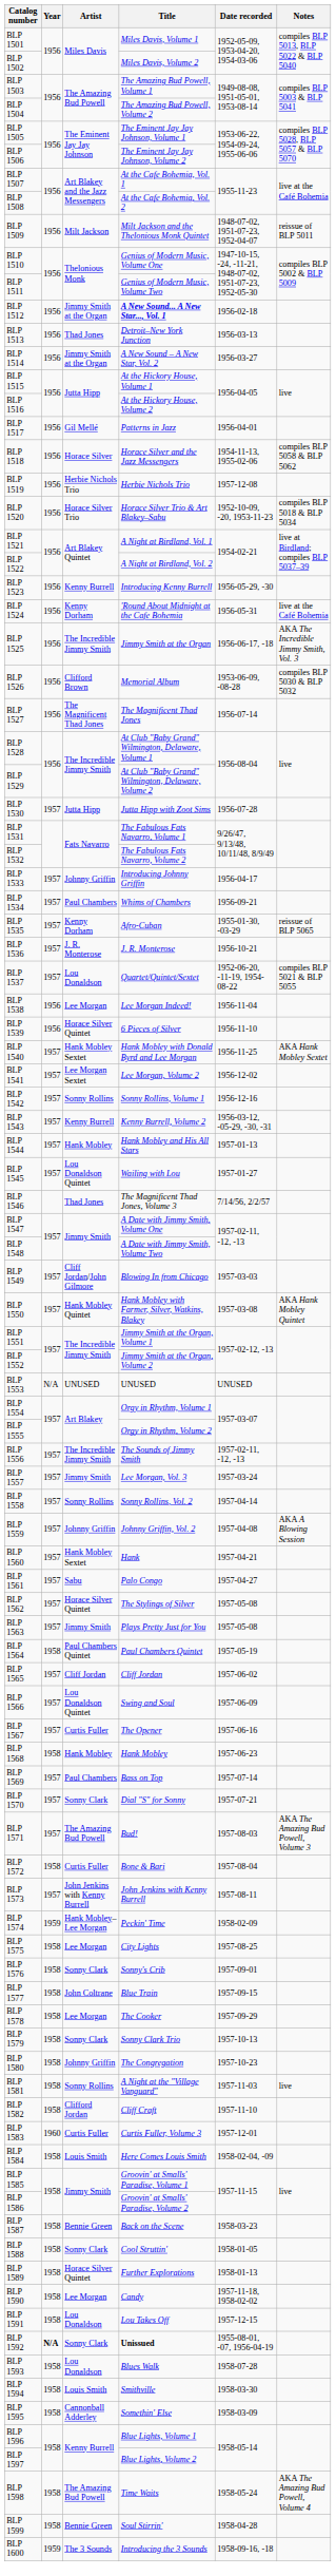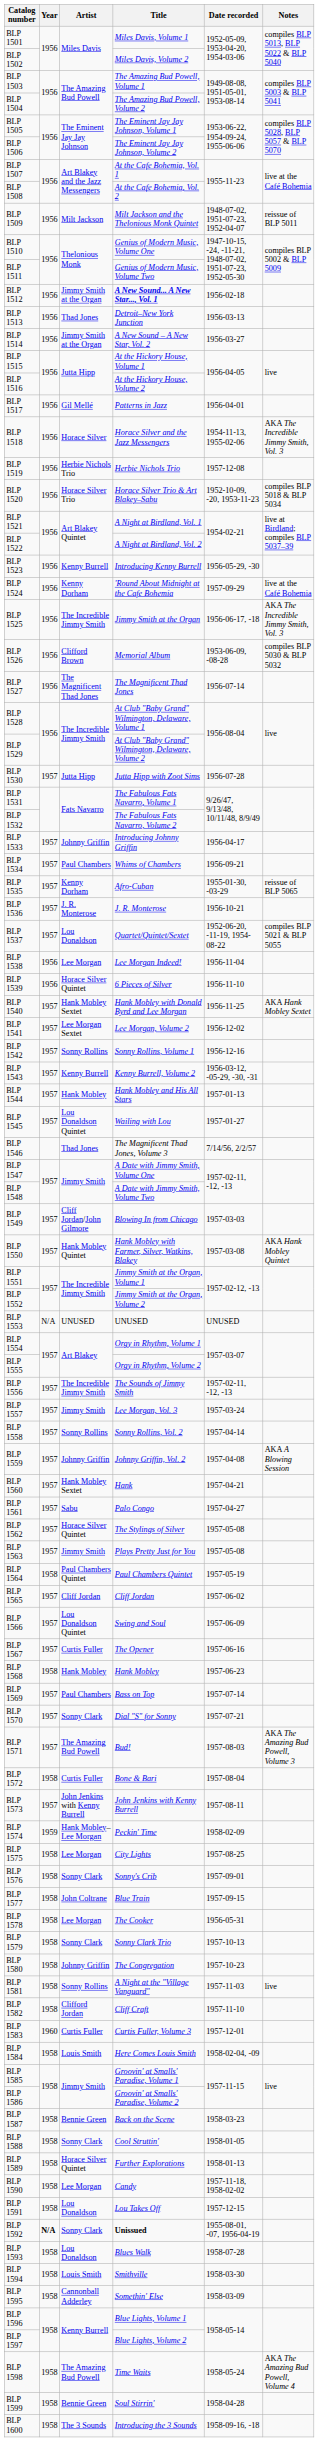 <table class="wikitable sortable" align="center" bgcolor="#CCCCCC" |>
 <tr>
 <th>Catalog number</th>
 <th>Year</th>
 <th>Artist</th>
 <th>Title</th>
 <th>Date recorded</th>
 <th>Notes</th>
 </tr>
 <tr>
 <td>BLP 1501</td>
 <td rowspan="2">1956</td>
 <td rowspan="2"><a href='#'>Miles Davis</a></td>
 <td><a href='#'><em>Miles Davis, Volume 1</em></a></td>
 <td rowspan="2">1952-05-09, 1953-04-20, 1954-03-06</td>
 <td rowspan="2">compiles <a href='#'>BLP 5013</a>, <a href='#'>BLP 5022</a> & <a href='#'>BLP 5040</a></td>
 </tr>
 <tr>
 <td>BLP 1502</td>
 <td><a href='#'><em>Miles Davis, Volume 2</em></a></td>
 </tr>
 <tr>
 <td>BLP 1503</td>
 <td rowspan="2">1956</td>
 <td rowspan="2"><a href='#'>The Amazing Bud Powell</a></td>
 <td><em><a href='#'>The Amazing Bud Powell, Volume 1</a></em></td>
 <td rowspan="2">1949-08-08, 1951-05-01, 1953-08-14</td>
 <td rowspan="2">compiles <a href='#'>BLP 5003</a> & <a href='#'>BLP 5041</a></td>
 </tr>
 <tr>
 <td>BLP 1504</td>
 <td><em><a href='#'>The Amazing Bud Powell, Volume 2</a></em></td>
 </tr>
 <tr>
 <td>BLP 1505</td>
 <td rowspan="2">1956</td>
 <td rowspan="2"><a href='#'>The Eminent Jay Jay Johnson</a></td>
 <td><a href='#'><em>The Eminent Jay Jay Johnson, Volume 1</em></a></td>
 <td rowspan="2">1953-06-22, 1954-09-24, 1955-06-06</td>
 <td rowspan="2">compiles <a href='#'>BLP 5028</a>, <a href='#'>BLP 5057</a> & <a href='#'>BLP 5070</a></td>
 </tr>
 <tr>
 <td>BLP 1506</td>
 <td><a href='#'><em>The Eminent Jay Jay Johnson, Volume 2</em></a></td>
 </tr>
 <tr>
 <td>BLP 1507</td>
 <td rowspan="2">1956</td>
 <td rowspan="2"><a href='#'>Art Blakey and the Jazz Messengers</a></td>
 <td><em><a href='#'>At the Cafe Bohemia, Vol. 1</a></em></td>
 <td rowspan="2">1955-11-23</td>
 <td rowspan="2">live at the <a href='#'>Café Bohemia</a></td>
 </tr>
 <tr>
 <td>BLP 1508</td>
 <td><em><a href='#'>At the Cafe Bohemia, Vol. 2</a></em></td>
 </tr>
 <tr>
 <td>BLP 1509</td>
 <td>1956</td>
 <td><a href='#'>Milt Jackson</a></td>
 <td><em><a href='#'>Milt Jackson and the Thelonious Monk Quintet</a></em></td>
 <td>1948-07-02, 1951-07-23, 1952-04-07</td>
 <td>reissue of BLP 5011</td>
 </tr>
 <tr>
 <td>BLP 1510</td>
 <td rowspan="2">1956</td>
 <td rowspan="2"><a href='#'>Thelonious Monk</a></td>
 <td><a href='#'><em>Genius of Modern Music, Volume One</em></a></td>
 <td rowspan="2">1947-10-15, -24, -11-21, 1948-07-02, 1951-07-23, 1952-05-30</td>
 <td rowspan="2">compiles BLP 5002 & <a href='#'>BLP 5009</a></td>
 </tr>
 <tr>
 <td>BLP 1511</td>
 <td><a href='#'><em>Genius of Modern Music, Volume Two</em></a></td>
 </tr>
 <tr>
 <td>BLP 1512</td>
 <td>1956</td>
 <td><a href='#'>Jimmy Smith at the Organ</a></td>
 <td><strong><em><a href='#'>A New Sound... A New Star..., Vol. 1</a></em></strong></td>
 <td>1956-02-18</td>
 <td></td>
 </tr>
 <tr>
 <td>BLP 1513</td>
 <td>1956</td>
 <td><a href='#'>Thad Jones</a></td>
 <td><em><a href='#'>Detroit–New York Junction</a></em></td>
 <td>1956-03-13</td>
 <td></td>
 </tr>
 <tr>
 <td>BLP 1514</td>
 <td>1956</td>
 <td><a href='#'>Jimmy Smith at the Organ</a></td>
 <td><em><a href='#'>A New Sound – A New Star, Vol. 2</a></em></td>
 <td>1956-03-27</td>
 <td></td>
 </tr>
 <tr>
 <td>BLP 1515</td>
 <td rowspan="2">1956</td>
 <td rowspan="2"><a href='#'>Jutta Hipp</a></td>
 <td><em><a href='#'>At the Hickory House, Volume 1</a></em></td>
 <td rowspan="2">1956-04-05</td>
 <td rowspan="2">live</td>
 </tr>
 <tr>
 <td>BLP 1516</td>
 <td><em><a href='#'>At the Hickory House, Volume 2</a></em></td>
 </tr>
 <tr>
 <td>BLP 1517</td>
 <td>1956</td>
 <td><a href='#'>Gil Mellé</a></td>
 <td><em><a href='#'>Patterns in Jazz</a></em></td>
 <td>1956-04-01</td>
 <td></td>
 </tr>
 <tr>
 <td>BLP 1518</td>
 <td>1956</td>
 <td><a href='#'>Horace Silver</a></td>
 <td><em><a href='#'>Horace Silver and the Jazz Messengers</a></em></td>
 <td>1954-11-13, 1955-02-06</td>
-<td>compiles BLP 5058 & BLP 5062</td>
+<td>AKA <em>The Incredible Jimmy Smith, Vol. 3</em></td>
 </tr>
 <tr>
 <td>BLP 1519</td>
 <td>1956</td>
 <td><a href='#'>Herbie Nichols</a> Trio</td>
 <td><em><a href='#'>Herbie Nichols Trio</a></em></td>
 <td>1957-12-08</td>
 <td></td>
 </tr>
 <tr>
 <td>BLP 1520</td>
 <td>1956</td>
 <td><a href='#'>Horace Silver</a> Trio</td>
 <td><em><a href='#'>Horace Silver Trio & Art Blakey–Sabu</a></em></td>
 <td>1952-10-09, -20, 1953-11-23</td>
 <td>compiles BLP 5018 & BLP 5034</td>
 </tr>
 <tr>
 <td>BLP 1521</td>
 <td rowspan="2">1956</td>
 <td rowspan="2"><a href='#'>Art Blakey</a> Quintet</td>
 <td><em><a href='#'>A Night at Birdland, Vol. 1</a></em></td>
 <td rowspan="2">1954-02-21</td>
 <td rowspan="2">live at <a href='#'>Birdland</a>; compiles <a href='#'>BLP 5037–39</a></td>
 </tr>
 <tr>
 <td>BLP 1522</td>
 <td><em><a href='#'>A Night at Birdland, Vol. 2</a></em></td>
 </tr>
 <tr>
 <td>BLP 1523</td>
 <td>1956</td>
 <td><a href='#'>Kenny Burrell</a></td>
 <td><em><a href='#'>Introducing Kenny Burrell</a></em></td>
 <td>1956-05-29, -30</td>
 <td></td>
 </tr>
 <tr>
 <td>BLP 1524</td>
 <td>1956</td>
 <td><a href='#'>Kenny Dorham</a></td>
 <td><em><a href='#'>'Round About Midnight at the Cafe Bohemia</a></em></td>
-<td>1956-05-31</td>
+<td>1957-09-29</td>
 <td>live at the <a href='#'>Café Bohemia</a></td>
 </tr>
 <tr>
 <td>BLP 1525</td>
 <td>1956</td>
 <td><a href='#'>The Incredible Jimmy Smith</a></td>
 <td><a href='#'><em>Jimmy Smith at the Organ</em></a></td>
 <td>1956-06-17, -18</td>
 <td>AKA <em>The Incredible Jimmy Smith, Vol. 3</em></td>
 </tr>
 <tr>
 <td>BLP 1526</td>
 <td>1956</td>
 <td><a href='#'>Clifford Brown</a></td>
 <td><em><a href='#'>Memorial Album</a></em></td>
 <td>1953-06-09, -08-28</td>
 <td>compiles BLP 5030 & BLP 5032</td>
 </tr>
 <tr>
 <td>BLP 1527</td>
 <td>1956</td>
 <td><a href='#'>The Magnificent Thad Jones</a></td>
 <td><em><a href='#'>The Magnificent Thad Jones</a></em></td>
 <td>1956-07-14</td>
 <td></td>
 </tr>
 <tr>
 <td>BLP 1528</td>
 <td rowspan="2">1956</td>
 <td rowspan="2"><a href='#'>The Incredible Jimmy Smith</a></td>
 <td><em><a href='#'>At Club "Baby Grand" Wilmington, Delaware, Volume 1</a></em></td>
 <td rowspan="2">1956-08-04</td>
 <td rowspan="2">live</td>
 </tr>
 <tr>
 <td>BLP 1529</td>
 <td><em><a href='#'>At Club "Baby Grand" Wilmington, Delaware, Volume 2</a></em></td>
 </tr>
 <tr>
 <td>BLP 1530</td>
 <td>1957</td>
 <td><a href='#'>Jutta Hipp</a></td>
 <td><em><a href='#'>Jutta Hipp with Zoot Sims</a></em></td>
 <td>1956-07-28</td>
 <td></td>
 </tr>
 <tr>
 <td>BLP 1531</td>
 <td rowspan="2"></td>
 <td rowspan="2"><a href='#'>Fats Navarro</a></td>
 <td><a href='#'><em>The Fabulous Fats Navarro, Volume 1</em></a></td>
 <td rowspan="2">9/26/47, 9/13/48, 10/11/48, 8/9/49</td>
 <td rowspan="2"></td>
 </tr>
 <tr>
 <td>BLP 1532</td>
 <td><a href='#'><em>The Fabulous Fats Navarro, Volume 2</em></a></td>
 </tr>
 <tr>
 <td>BLP 1533</td>
 <td>1957</td>
 <td><a href='#'>Johnny Griffin</a></td>
 <td><em><a href='#'>Introducing Johnny Griffin</a></em></td>
 <td>1956-04-17</td>
 <td></td>
 </tr>
 <tr>
 <td>BLP 1534</td>
 <td>1957</td>
 <td><a href='#'>Paul Chambers</a></td>
 <td><em><a href='#'>Whims of Chambers</a></em></td>
 <td>1956-09-21</td>
 <td></td>
 </tr>
 <tr>
 <td>BLP 1535</td>
 <td>1957</td>
 <td><a href='#'>Kenny Dorham</a></td>
 <td><em><a href='#'>Afro-Cuban</a></em></td>
 <td>1955-01-30, -03-29</td>
 <td>reissue of BLP 5065</td>
 </tr>
 <tr>
 <td>BLP 1536</td>
 <td>1957</td>
 <td><a href='#'>J. R. Monterose</a></td>
 <td><em><a href='#'>J. R. Monterose</a></em></td>
 <td>1956-10-21</td>
 <td></td>
 </tr>
 <tr>
 <td>BLP 1537</td>
 <td>1957</td>
 <td><a href='#'>Lou Donaldson</a></td>
 <td><em><a href='#'>Quartet/Quintet/Sextet</a></em></td>
 <td>1952-06-20, -11-19, 1954-08-22</td>
 <td>compiles BLP 5021 & BLP 5055</td>
 </tr>
 <tr>
 <td>BLP 1538</td>
 <td>1956</td>
 <td><a href='#'>Lee Morgan</a></td>
 <td><em><a href='#'>Lee Morgan Indeed!</a></em></td>
 <td>1956-11-04</td>
 <td></td>
 </tr>
 <tr>
 <td>BLP 1539</td>
 <td>1956</td>
 <td><a href='#'>Horace Silver</a> Quintet</td>
 <td><em><a href='#'>6 Pieces of Silver</a></em></td>
 <td>1956-11-10</td>
 <td></td>
 </tr>
 <tr>
 <td>BLP 1540</td>
 <td>1957</td>
 <td><a href='#'>Hank Mobley</a> Sextet</td>
 <td><em><a href='#'>Hank Mobley with Donald Byrd and Lee Morgan</a></em></td>
 <td>1956-11-25</td>
 <td>AKA <em>Hank Mobley Sextet</em></td>
 </tr>
 <tr>
 <td>BLP 1541</td>
 <td>1957</td>
 <td><a href='#'>Lee Morgan</a> Sextet</td>
 <td><em><a href='#'>Lee Morgan, Volume 2</a></em></td>
 <td>1956-12-02</td>
 <td></td>
 </tr>
 <tr>
 <td>BLP 1542</td>
 <td>1957</td>
 <td><a href='#'>Sonny Rollins</a></td>
 <td><em><a href='#'>Sonny Rollins, Volume 1</a></em></td>
 <td>1956-12-16</td>
 <td></td>
 </tr>
 <tr>
 <td>BLP 1543</td>
 <td>1957</td>
 <td><a href='#'>Kenny Burrell</a></td>
 <td><em><a href='#'>Kenny Burrell, Volume 2</a></em></td>
 <td>1956-03-12, -05-29, -30, -31</td>
 <td></td>
 </tr>
 <tr>
 <td>BLP 1544</td>
 <td>1957</td>
 <td><a href='#'>Hank Mobley</a></td>
 <td><em><a href='#'>Hank Mobley and His All Stars</a></em></td>
 <td>1957-01-13</td>
 <td></td>
 </tr>
 <tr>
 <td>BLP 1545</td>
 <td>1957</td>
 <td><a href='#'>Lou Donaldson</a> Quintet</td>
 <td><em><a href='#'>Wailing with Lou</a></em></td>
 <td>1957-01-27</td>
 <td></td>
 </tr>
 <tr>
 <td>BLP 1546</td>
 <td></td>
 <td><a href='#'>Thad Jones</a></td>
 <td><em>The Magnificent Thad Jones, Volume 3</em></td>
 <td>7/14/56, 2/2/57</td>
 <td></td>
 </tr>
 <tr>
 <td>BLP 1547</td>
 <td rowspan="2">1957</td>
 <td rowspan="2"><a href='#'>Jimmy Smith</a></td>
 <td><a href='#'><em>A Date with Jimmy Smith, Volume One</em></a></td>
 <td rowspan="2">1957-02-11, -12, -13</td>
 <td rowspan="2"></td>
 </tr>
 <tr>
 <td>BLP 1548</td>
 <td><em><a href='#'>A Date with Jimmy Smith, Volume Two</a></em></td>
 </tr>
 <tr>
 <td>BLP 1549</td>
 <td>1957</td>
 <td><a href='#'>Cliff Jordan</a>/<a href='#'>John Gilmore</a></td>
 <td><em><a href='#'>Blowing In from Chicago</a></em></td>
 <td>1957-03-03</td>
 <td></td>
 </tr>
 <tr>
 <td>BLP 1550</td>
 <td>1957</td>
 <td><a href='#'>Hank Mobley</a> Quintet</td>
 <td><em><a href='#'>Hank Mobley with Farmer, Silver, Watkins, Blakey</a></em></td>
 <td>1957-03-08</td>
 <td>AKA <em>Hank Mobley Quintet</em></td>
 </tr>
 <tr>
 <td>BLP 1551</td>
 <td rowspan="2">1957</td>
 <td rowspan="2"><a href='#'>The Incredible Jimmy Smith</a></td>
 <td><em><a href='#'>Jimmy Smith at the Organ, Volume 1</a></em></td>
 <td rowspan="2">1957-02-12, -13</td>
 <td rowspan="2"></td>
 </tr>
 <tr>
 <td>BLP 1552</td>
 <td><em><a href='#'>Jimmy Smith at the Organ, Volume 2</a></em></td>
 </tr>
 <tr>
 <td>BLP 1553</td>
 <td>N/A</td>
 <td>UNUSED</td>
 <td>UNUSED</td>
 <td>UNUSED</td>
 <td></td>
 </tr>
 <tr>
 <td>BLP 1554</td>
 <td rowspan="2">1957</td>
 <td rowspan="2"><a href='#'>Art Blakey</a></td>
 <td><em><a href='#'>Orgy in Rhythm, Volume 1</a></em></td>
 <td rowspan="2">1957-03-07</td>
 <td rowspan="2"></td>
 </tr>
 <tr>
 <td>BLP 1555</td>
 <td><em><a href='#'>Orgy in Rhythm, Volume 2</a></em></td>
 </tr>
 <tr>
 <td>BLP 1556</td>
 <td>1957</td>
 <td><a href='#'>The Incredible Jimmy Smith</a></td>
 <td><em><a href='#'>The Sounds of Jimmy Smith</a></em></td>
 <td>1957-02-11, -12, -13</td>
 <td></td>
 </tr>
 <tr>
 <td>BLP 1557</td>
 <td>1957</td>
 <td><a href='#'>Jimmy Smith</a></td>
 <td><em><a href='#'>Lee Morgan, Vol. 3</a></em></td>
 <td>1957-03-24</td>
 <td></td>
 </tr>
 <tr>
 <td>BLP 1558</td>
 <td>1957</td>
 <td><a href='#'>Sonny Rollins</a></td>
 <td><em><a href='#'>Sonny Rollins, Vol. 2</a></em></td>
 <td>1957-04-14</td>
 <td></td>
 </tr>
 <tr>
 <td>BLP 1559</td>
 <td>1957</td>
 <td><a href='#'>Johnny Griffin</a></td>
 <td><em><a href='#'>Johnny Griffin, Vol. 2</a></em></td>
 <td>1957-04-08</td>
 <td>AKA <em>A Blowing Session</em></td>
 </tr>
 <tr>
 <td>BLP 1560</td>
 <td>1957</td>
 <td><a href='#'>Hank Mobley</a> Sextet</td>
 <td><em><a href='#'>Hank</a></em></td>
 <td>1957-04-21</td>
 <td></td>
 </tr>
 <tr>
 <td>BLP 1561</td>
 <td>1957</td>
 <td><a href='#'>Sabu</a></td>
 <td><em><a href='#'>Palo Congo</a></em></td>
 <td>1957-04-27</td>
 <td></td>
 </tr>
 <tr>
 <td>BLP 1562</td>
 <td>1957</td>
 <td><a href='#'>Horace Silver</a> Quintet</td>
 <td><em><a href='#'>The Stylings of Silver</a></em></td>
 <td>1957-05-08</td>
 <td></td>
 </tr>
 <tr>
 <td>BLP 1563</td>
 <td>1957</td>
 <td><a href='#'>Jimmy Smith</a></td>
 <td><em><a href='#'>Plays Pretty Just for You</a></em></td>
 <td>1957-05-08</td>
 <td></td>
 </tr>
 <tr>
 <td>BLP 1564</td>
 <td>1958</td>
 <td><a href='#'>Paul Chambers</a> Quintet</td>
 <td><em><a href='#'>Paul Chambers Quintet</a></em></td>
 <td>1957-05-19</td>
 <td></td>
 </tr>
 <tr>
 <td>BLP 1565</td>
 <td>1957</td>
 <td><a href='#'>Cliff Jordan</a></td>
 <td><em><a href='#'>Cliff Jordan</a></em></td>
 <td>1957-06-02</td>
 <td></td>
 </tr>
 <tr>
 <td>BLP 1566</td>
 <td>1957</td>
 <td><a href='#'>Lou Donaldson</a> Quintet</td>
 <td><em><a href='#'>Swing and Soul</a></em></td>
 <td>1957-06-09</td>
 <td></td>
 </tr>
 <tr>
 <td>BLP 1567</td>
 <td>1957</td>
 <td><a href='#'>Curtis Fuller</a></td>
 <td><em><a href='#'>The Opener</a></em></td>
 <td>1957-06-16</td>
 <td></td>
 </tr>
 <tr>
 <td>BLP 1568</td>
 <td>1958</td>
 <td><a href='#'>Hank Mobley</a></td>
 <td><em><a href='#'>Hank Mobley</a></em></td>
 <td>1957-06-23</td>
 <td></td>
 </tr>
 <tr>
 <td>BLP 1569</td>
 <td>1957</td>
 <td><a href='#'>Paul Chambers</a></td>
 <td><em><a href='#'>Bass on Top</a></em></td>
 <td>1957-07-14</td>
 <td></td>
 </tr>
 <tr>
 <td>BLP 1570</td>
 <td>1957</td>
 <td><a href='#'>Sonny Clark</a></td>
 <td><em><a href='#'>Dial "S" for Sonny</a></em></td>
 <td>1957-07-21</td>
 <td></td>
 </tr>
 <tr>
 <td>BLP 1571</td>
 <td>1957</td>
 <td><a href='#'>The Amazing Bud Powell</a></td>
 <td><em><a href='#'>Bud!</a></em></td>
 <td>1957-08-03</td>
 <td>AKA <em>The Amazing Bud Powell, Volume 3</em></td>
 </tr>
 <tr>
 <td>BLP 1572</td>
 <td>1958</td>
 <td><a href='#'>Curtis Fuller</a></td>
 <td><em><a href='#'>Bone & Bari</a></em></td>
 <td>1957-08-04</td>
 <td></td>
 </tr>
 <tr>
 <td>BLP 1573</td>
 <td>1957</td>
 <td><a href='#'>John Jenkins</a> with <a href='#'>Kenny Burrell</a></td>
 <td><em><a href='#'>John Jenkins with Kenny Burrell</a></em></td>
 <td>1957-08-11</td>
 <td></td>
 </tr>
 <tr>
 <td>BLP 1574</td>
 <td>1959</td>
 <td><a href='#'>Hank Mobley</a>–<a href='#'>Lee Morgan</a></td>
 <td><em><a href='#'>Peckin' Time</a></em></td>
 <td>1958-02-09</td>
 <td></td>
 </tr>
 <tr>
 <td>BLP 1575</td>
 <td>1958</td>
 <td><a href='#'>Lee Morgan</a></td>
 <td><em><a href='#'>City Lights</a></em></td>
 <td>1957-08-25</td>
 <td></td>
 </tr>
 <tr>
 <td>BLP 1576</td>
 <td>1958</td>
 <td><a href='#'>Sonny Clark</a></td>
 <td><em><a href='#'>Sonny's Crib</a></em></td>
 <td>1957-09-01</td>
 <td></td>
 </tr>
 <tr>
 <td>BLP 1577</td>
 <td>1958</td>
 <td><a href='#'>John Coltrane</a></td>
 <td><em><a href='#'>Blue Train</a></em></td>
 <td>1957-09-15</td>
 <td></td>
 </tr>
 <tr>
 <td>BLP 1578</td>
 <td>1958</td>
 <td><a href='#'>Lee Morgan</a></td>
 <td><em><a href='#'>The Cooker</a></em></td>
-<td>1957-09-29</td>
+<td>1956-05-31</td>
 <td></td>
 </tr>
 <tr>
 <td>BLP 1579</td>
 <td>1958</td>
 <td><a href='#'>Sonny Clark</a></td>
 <td><em><a href='#'>Sonny Clark Trio</a></em></td>
 <td>1957-10-13</td>
 <td></td>
 </tr>
 <tr>
 <td>BLP 1580</td>
 <td>1958</td>
 <td><a href='#'>Johnny Griffin</a></td>
 <td><em><a href='#'>The Congregation</a></em></td>
 <td>1957-10-23</td>
 <td></td>
 </tr>
 <tr>
 <td>BLP 1581</td>
 <td>1958</td>
 <td><a href='#'>Sonny Rollins</a></td>
 <td><em><a href='#'>A Night at the "Village Vanguard"</a></em></td>
 <td>1957-11-03</td>
 <td>live</td>
 </tr>
 <tr>
 <td>BLP 1582</td>
 <td>1958</td>
 <td><a href='#'>Clifford Jordan</a></td>
 <td><em><a href='#'>Cliff Craft</a></em></td>
 <td>1957-11-10</td>
 <td></td>
 </tr>
 <tr>
 <td>BLP 1583</td>
 <td>1960</td>
 <td><a href='#'>Curtis Fuller</a></td>
 <td><em><a href='#'>Curtis Fuller, Volume 3</a></em></td>
 <td>1957-12-01</td>
 <td></td>
 </tr>
 <tr>
 <td>BLP 1584</td>
 <td>1958</td>
 <td><a href='#'>Louis Smith</a></td>
 <td><em><a href='#'>Here Comes Louis Smith</a></em></td>
 <td>1958-02-04, -09</td>
 <td></td>
 </tr>
 <tr>
 <td>BLP 1585</td>
 <td rowspan="2">1958</td>
 <td rowspan="2"><a href='#'>Jimmy Smith</a></td>
 <td><em><a href='#'>Groovin' at Smalls' Paradise, Volume 1</a></em></td>
 <td rowspan="2">1957-11-15</td>
 <td rowspan="2">live</td>
 </tr>
 <tr>
 <td>BLP 1586</td>
 <td><em><a href='#'>Groovin' at Smalls' Paradise, Volume 2</a></em></td>
 </tr>
 <tr>
 <td>BLP 1587</td>
 <td>1958</td>
 <td><a href='#'>Bennie Green</a></td>
 <td><em><a href='#'>Back on the Scene</a></em></td>
 <td>1958-03-23</td>
 <td></td>
 </tr>
 <tr>
 <td>BLP 1588</td>
 <td>1958</td>
 <td><a href='#'>Sonny Clark</a></td>
 <td><em><a href='#'>Cool Struttin'</a></em></td>
 <td>1958-01-05</td>
 <td></td>
 </tr>
 <tr>
 <td>BLP 1589</td>
 <td>1958</td>
 <td><a href='#'>Horace Silver</a> Quintet</td>
 <td><em><a href='#'>Further Explorations</a></em></td>
 <td>1958-01-13</td>
 <td></td>
 </tr>
 <tr>
 <td>BLP 1590</td>
 <td>1958</td>
 <td><a href='#'>Lee Morgan</a></td>
 <td><em><a href='#'>Candy</a></em></td>
 <td>1957-11-18, 1958-02-02</td>
 <td></td>
 </tr>
 <tr>
 <td>BLP 1591</td>
 <td>1958</td>
 <td><a href='#'>Lou Donaldson</a></td>
 <td><em><a href='#'>Lou Takes Off</a></em></td>
 <td>1957-12-15</td>
 <td></td>
 </tr>
 <tr>
 <td>BLP 1592</td>
 <td><strong>N/A</strong></td>
 <td><a href='#'>Sonny Clark</a></td>
 <td><strong>Unissued</strong></td>
 <td>1955-08-01, -07, 1956-04-19</td>
 <td></td>
 </tr>
 <tr>
 <td>BLP 1593</td>
 <td>1958</td>
 <td><a href='#'>Lou Donaldson</a></td>
 <td><em><a href='#'>Blues Walk</a></em></td>
 <td>1958-07-28</td>
 <td></td>
 </tr>
 <tr>
 <td>BLP 1594</td>
 <td>1958</td>
 <td><a href='#'>Louis Smith</a></td>
 <td><em><a href='#'>Smithville</a></em></td>
 <td>1958-03-30</td>
 <td></td>
 </tr>
 <tr>
 <td>BLP 1595</td>
 <td>1958</td>
 <td><a href='#'>Cannonball Adderley</a></td>
 <td><em><a href='#'>Somethin' Else</a></em></td>
 <td>1958-03-09</td>
 <td></td>
 </tr>
 <tr>
 <td>BLP 1596</td>
 <td rowspan="2">1958</td>
 <td rowspan="2"><a href='#'>Kenny Burrell</a></td>
 <td><a href='#'><em>Blue Lights, Volume 1</em></a></td>
 <td rowspan="2">1958-05-14</td>
 <td rowspan="2"></td>
 </tr>
 <tr>
 <td>BLP 1597</td>
 <td><a href='#'><em>Blue Lights, Volume 2</em></a></td>
 </tr>
 <tr>
 <td>BLP 1598</td>
 <td>1958</td>
 <td><a href='#'>The Amazing Bud Powell</a></td>
 <td><em><a href='#'>Time Waits</a></em></td>
 <td>1958-05-24</td>
 <td>AKA <em>The Amazing Bud Powell, Volume 4</em></td>
 </tr>
 <tr>
 <td>BLP 1599</td>
 <td>1958</td>
 <td><a href='#'>Bennie Green</a></td>
 <td><em><a href='#'>Soul Stirrin'</a></em></td>
 <td>1958-04-28</td>
 <td></td>
 </tr>
 <tr>
 <td>BLP 1600</td>
-<td>1959</td>
+<td>1958</td>
 <td><a href='#'>The 3 Sounds</a></td>
 <td><em><a href='#'>Introducing the 3 Sounds</a></em></td>
 <td>1958-09-16, -18</td>
 <td></td>
 </tr>
 </table>
